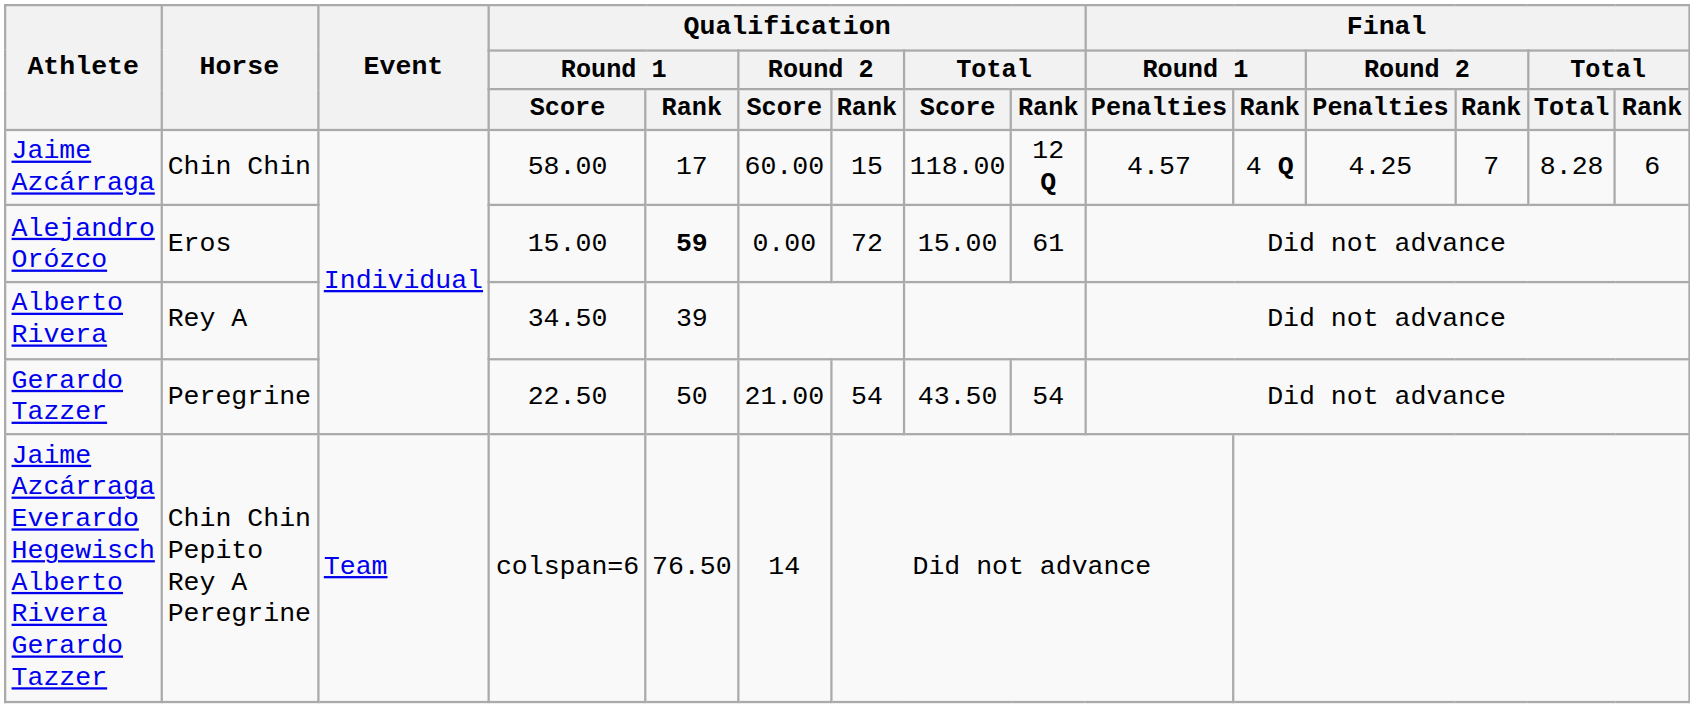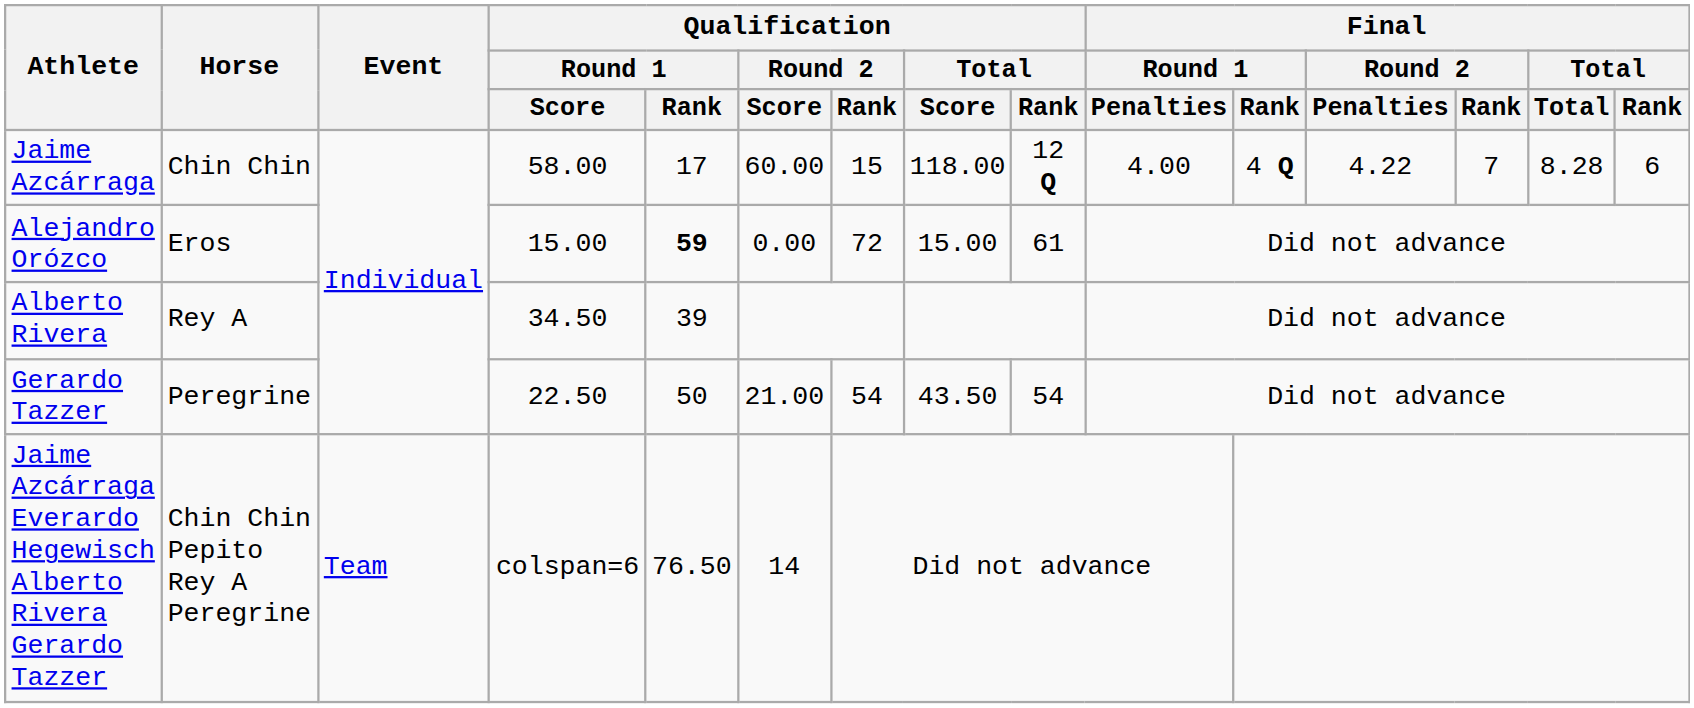 <table class=wikitable style="font-size:90%">
 <tr>
 <th rowspan="3">Athlete</th>
 <th rowspan="3">Horse</th>
 <th rowspan="3">Event</th>
 <th colspan="6">Qualification</th>
 <th colspan="6">Final</th>
 </tr>
 <tr style="font-size:95%">
 <th colspan=2>Round 1</th>
 <th colspan=2>Round 2</th>
 <th colspan=2>Total</th>
 <th colspan=2>Round 1</th>
 <th colspan=2>Round 2</th>
 <th colspan=2>Total</th>
 </tr>
 <tr style="font-size:95%">
 <th>Score</th>
 <th>Rank</th>
 <th>Score</th>
 <th>Rank</th>
 <th>Score</th>
 <th>Rank</th>
 <th>Penalties</th>
 <th>Rank</th>
 <th>Penalties</th>
 <th>Rank</th>
 <th>Total</th>
 <th>Rank</th>
 </tr>
 <tr align=center>
 <td align=left><a href='#'>Jaime Azcárraga</a></td>
 <td align=left>Chin Chin</td>
 <td align=left rowspan=4><a href='#'>Individual</a></td>
 <td>58.00</td>
 <td>17</td>
 <td>60.00</td>
 <td>15</td>
 <td>118.00</td>
 <td>12 <strong>Q</strong></td>
-<td>4.57</td>
+<td>4.00</td>
 <td>4 <strong>Q</strong></td>
-<td>4.25</td>
+<td>4.22</td>
 <td>7</td>
 <td>8.28</td>
 <td>6</td>
 </tr>
 <tr align=center>
 <td align=left><a href='#'>Alejandro Orózco</a></td>
 <td align=left>Eros</td>
 <td>15.00</td>
 <td><strong>59</strong></td>
 <td>0.00</td>
 <td>72</td>
 <td>15.00</td>
 <td>61</td>
 <td colspan=6>Did not advance</td>
 </tr>
 <tr align=center>
 <td align=left><a href='#'>Alberto Rivera</a></td>
 <td align=left>Rey A</td>
 <td>34.50</td>
 <td>39</td>
 <td colspan=2></td>
 <td colspan=2></td>
 <td colspan=6>Did not advance</td>
 </tr>
 <tr align=center>
 <td align=left><a href='#'>Gerardo Tazzer</a></td>
 <td align=left>Peregrine</td>
 <td>22.50</td>
 <td>50</td>
 <td>21.00</td>
 <td>54</td>
 <td>43.50</td>
 <td>54</td>
 <td colspan=6>Did not advance</td>
 </tr>
 <tr align=center>
 <td align=left><a href='#'>Jaime Azcárraga</a><br><a href='#'>Everardo Hegewisch</a><br><a href='#'>Alberto Rivera</a><br><a href='#'>Gerardo Tazzer</a></td>
 <td align=left>Chin Chin<br>Pepito<br>Rey A<br>Peregrine</td>
 <td align=left><a href='#'>Team</a></td>
 <td>colspan=6</td>
 <td>76.50</td>
 <td>14</td>
 <td colspan=4>Did not advance</td>
 </tr>
 </table>
